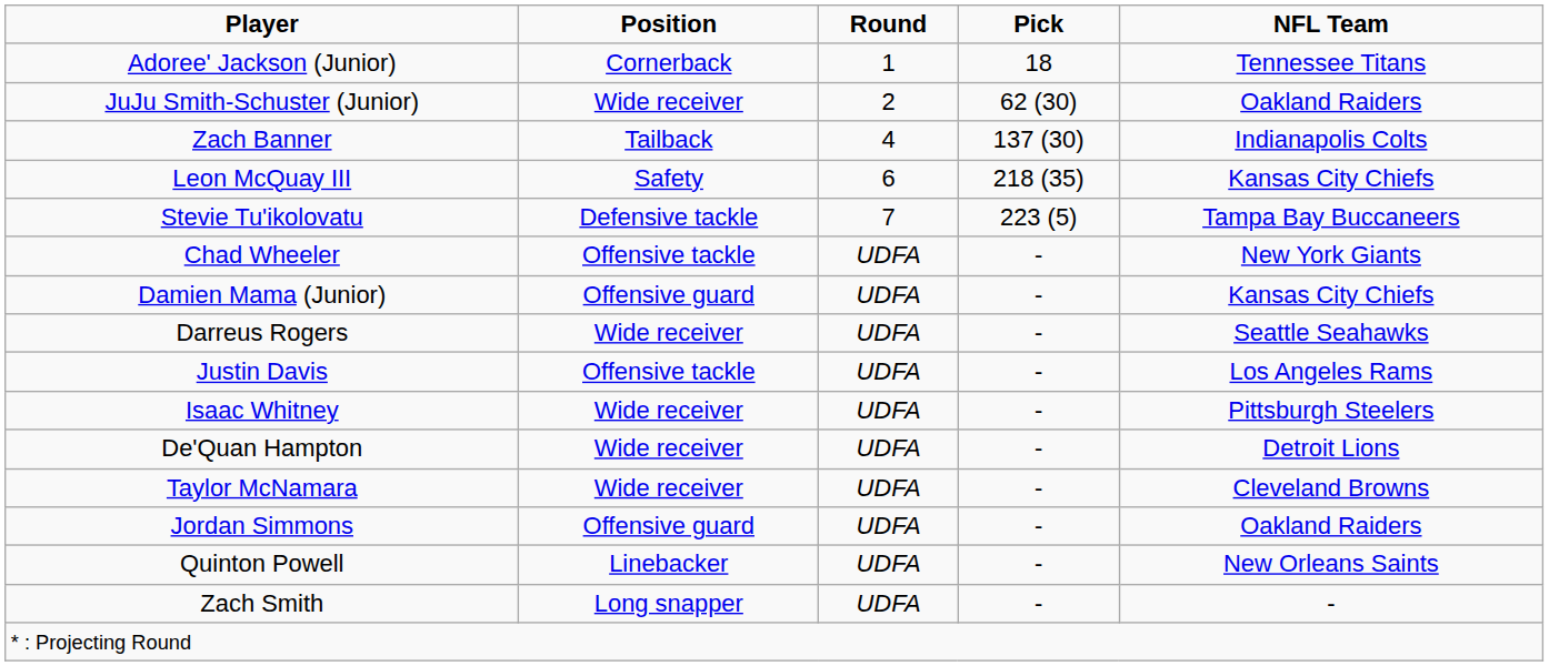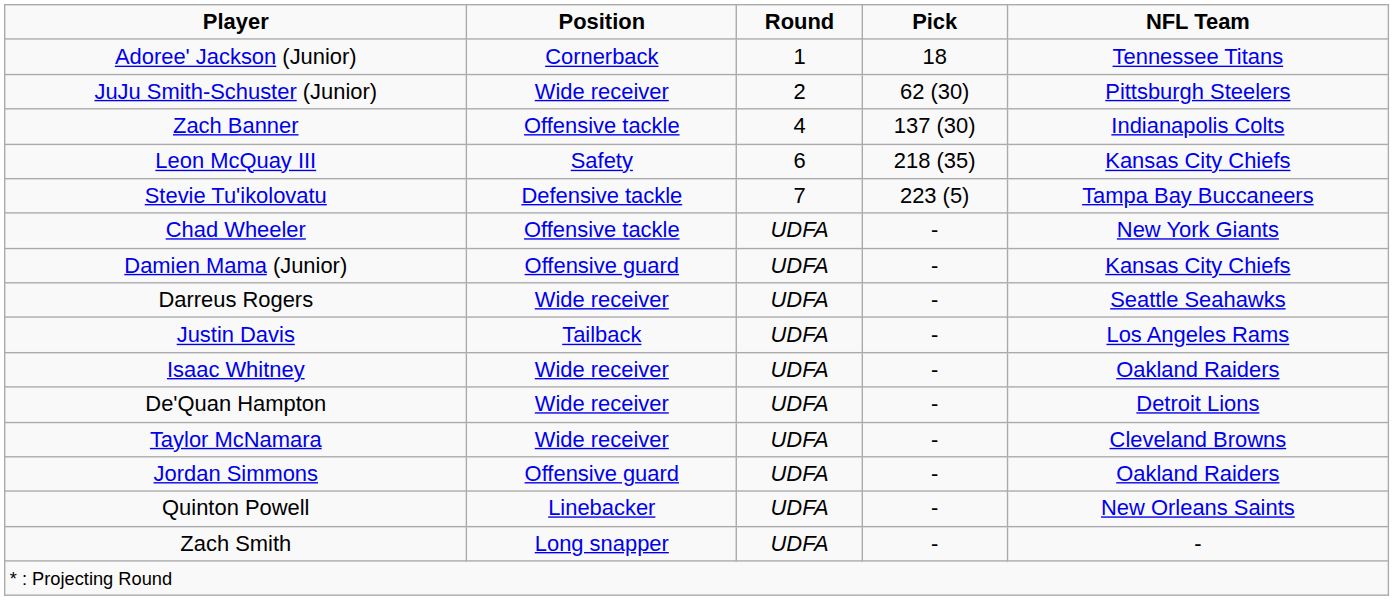 <table class="wikitable" style="width:80%;">
 <tr style="text-align:center; ">
 <td><strong>Player</strong></td>
 <td><strong>Position</strong></td>
 <td><strong>Round</strong></td>
 <td><strong>Pick</strong></td>
 <td><strong>NFL Team</strong></td>
 </tr>
 <tr style="text-align:center;" bgcolor="">
 <td><a href='#'>Adoree' Jackson</a> (Junior)</td>
 <td><a href='#'>Cornerback</a></td>
 <td>1</td>
 <td>18</td>
 <td><a href='#'>Tennessee Titans</a></td>
 </tr>
 <tr style="text-align:center;" bgcolor="">
 <td><a href='#'>JuJu Smith-Schuster</a> (Junior)</td>
 <td><a href='#'>Wide receiver</a></td>
 <td>2</td>
 <td>62 (30)</td>
-<td><a href='#'>Oakland Raiders</a></td>
+<td><a href='#'>Pittsburgh Steelers</a></td>
 </tr>
 <tr style="text-align:center;" bgcolor="">
 <td><a href='#'>Zach Banner</a></td>
-<td><a href='#'>Tailback</a></td>
+<td><a href='#'>Offensive tackle</a></td>
 <td>4</td>
 <td>137 (30)</td>
 <td><a href='#'>Indianapolis Colts</a></td>
 </tr>
 <tr style="text-align:center;" bgcolor="">
 <td><a href='#'>Leon McQuay III</a></td>
 <td><a href='#'>Safety</a></td>
 <td>6</td>
 <td>218 (35)</td>
 <td><a href='#'>Kansas City Chiefs</a></td>
 </tr>
 <tr style="text-align:center;" bgcolor="">
 <td><a href='#'>Stevie Tu'ikolovatu</a></td>
 <td><a href='#'>Defensive tackle</a></td>
 <td>7</td>
 <td>223 (5)</td>
 <td><a href='#'>Tampa Bay Buccaneers</a></td>
 </tr>
 <tr style="text-align:center;" bgcolor="">
 <td><a href='#'>Chad Wheeler</a></td>
 <td><a href='#'>Offensive tackle</a></td>
 <td><em>UDFA</em></td>
 <td>-</td>
 <td><a href='#'>New York Giants</a></td>
 </tr>
 <tr style="text-align:center;" bgcolor="">
 <td><a href='#'>Damien Mama</a> (Junior)</td>
 <td><a href='#'>Offensive guard</a></td>
 <td><em>UDFA</em></td>
 <td>-</td>
 <td><a href='#'>Kansas City Chiefs</a></td>
 </tr>
 <tr style="text-align:center;" bgcolor="">
 <td>Darreus Rogers</td>
 <td><a href='#'>Wide receiver</a></td>
 <td><em>UDFA</em></td>
 <td>-</td>
 <td><a href='#'>Seattle Seahawks</a></td>
 </tr>
 <tr style="text-align:center;" bgcolor="">
 <td><a href='#'>Justin Davis</a></td>
-<td><a href='#'>Offensive tackle</a></td>
+<td><a href='#'>Tailback</a></td>
 <td><em>UDFA</em></td>
 <td>-</td>
 <td><a href='#'>Los Angeles Rams</a></td>
 </tr>
 <tr style="text-align:center;" bgcolor="">
 <td><a href='#'>Isaac Whitney</a></td>
 <td><a href='#'>Wide receiver</a></td>
 <td><em>UDFA</em></td>
 <td>-</td>
-<td><a href='#'>Pittsburgh Steelers</a></td>
+<td><a href='#'>Oakland Raiders</a></td>
 </tr>
 <tr style="text-align:center;" bgcolor="">
 <td>De'Quan Hampton</td>
 <td><a href='#'>Wide receiver</a></td>
 <td><em>UDFA</em></td>
 <td>-</td>
 <td><a href='#'>Detroit Lions</a></td>
 </tr>
 <tr style="text-align:center;" bgcolor="">
 <td><a href='#'>Taylor McNamara</a></td>
 <td><a href='#'>Wide receiver</a></td>
 <td><em>UDFA</em></td>
 <td>-</td>
 <td><a href='#'>Cleveland Browns</a></td>
 </tr>
 <tr style="text-align:center;" bgcolor="">
 <td><a href='#'>Jordan Simmons</a></td>
 <td><a href='#'>Offensive guard</a></td>
 <td><em>UDFA</em></td>
 <td>-</td>
 <td><a href='#'>Oakland Raiders</a></td>
 </tr>
 <tr style="text-align:center;" bgcolor="">
 <td>Quinton Powell</td>
 <td><a href='#'>Linebacker</a></td>
 <td><em>UDFA</em></td>
 <td>-</td>
 <td><a href='#'>New Orleans Saints</a></td>
 </tr>
 <tr style="text-align:center;" bgcolor="">
 <td>Zach Smith</td>
 <td><a href='#'>Long snapper</a></td>
 <td><em>UDFA</em></td>
 <td>-</td>
 <td>-</td>
 </tr>
 <tr>
 <td colspan="7"><small>* : Projecting Round</small></td>
 </tr>
 </table>
